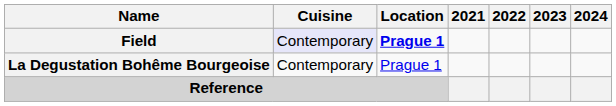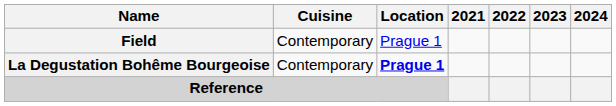 <table class="wikitable sortable plainrowheaders" style="text-align:left;"">
 <tr>
 <th scope="col">Name</th>
 <th scope="col">Cuisine</th>
 <th scope="col">Location</th>
 <th scope="col">2021</th>
 <th scope="col">2022</th>
 <th scope="col">2023</th>
 <th scope="col">2024</th>
 </tr>
 <tr>
 <th scope="row">Field</th>
-<td style="background: lavender;">Contemporary</td>
-<td><strong><a href='#'>Prague 1</a></strong></td>
+<td>Contemporary</td>
+<td><a href='#'>Prague 1</a></td>
 <td></td>
 <td></td>
 <td></td>
 <td></td>
 </tr>
 <tr>
 <th scope="row">La Degustation Bohême Bourgeoise</th>
 <td>Contemporary</td>
-<td><a href='#'>Prague 1</a></td>
+<td><strong><a href='#'>Prague 1</a></strong></td>
 <td></td>
 <td></td>
 <td></td>
 <td></td>
 </tr>
 <tr>
 <th colspan="3" style="text-align: center;background: lightgray;">Reference</th>
 <th></th>
 <th></th>
 <th></th>
 <th></th>
 </tr>
 </table>
